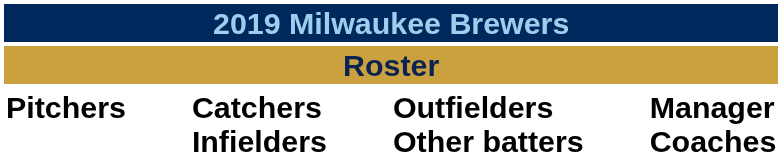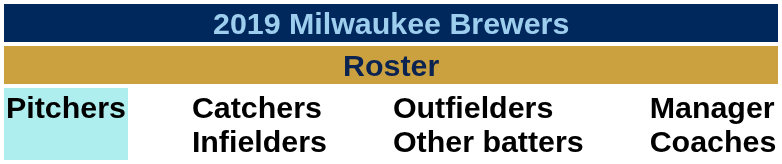 <table class="toccolours" style="font-size: 95%;">
 <tr>
 <th colspan="10" style="background-color: #00285D; color: #9ECEEE; text-align: center;">2019 Milwaukee Brewers</th>
 </tr>
 <tr>
 <td colspan="10" style="background-color: #CBA140; color: #0a2351; text-align: center;"><strong>Roster</strong></td>
 </tr>
 <tr>
-<td valign="top"><strong>Pitchers</strong><br>                            </td>
+<td valign="top" style="background: paleturquoise;"><strong>Pitchers</strong><br>                            </td>
 <td width="25px"></td>
 <td valign="top"><strong>Catchers</strong><br>   <strong>Infielders</strong>           </td>
 <td width="25px"></td>
 <td valign="top"><strong>Outfielders</strong><br>      <strong>Other batters</strong> </td>
 <td width="25px"></td>
 <td valign="top"><strong>Manager</strong><br> <strong>Coaches</strong>                  </td>
 </tr>
 <tr>
 </tr>
 </table>
